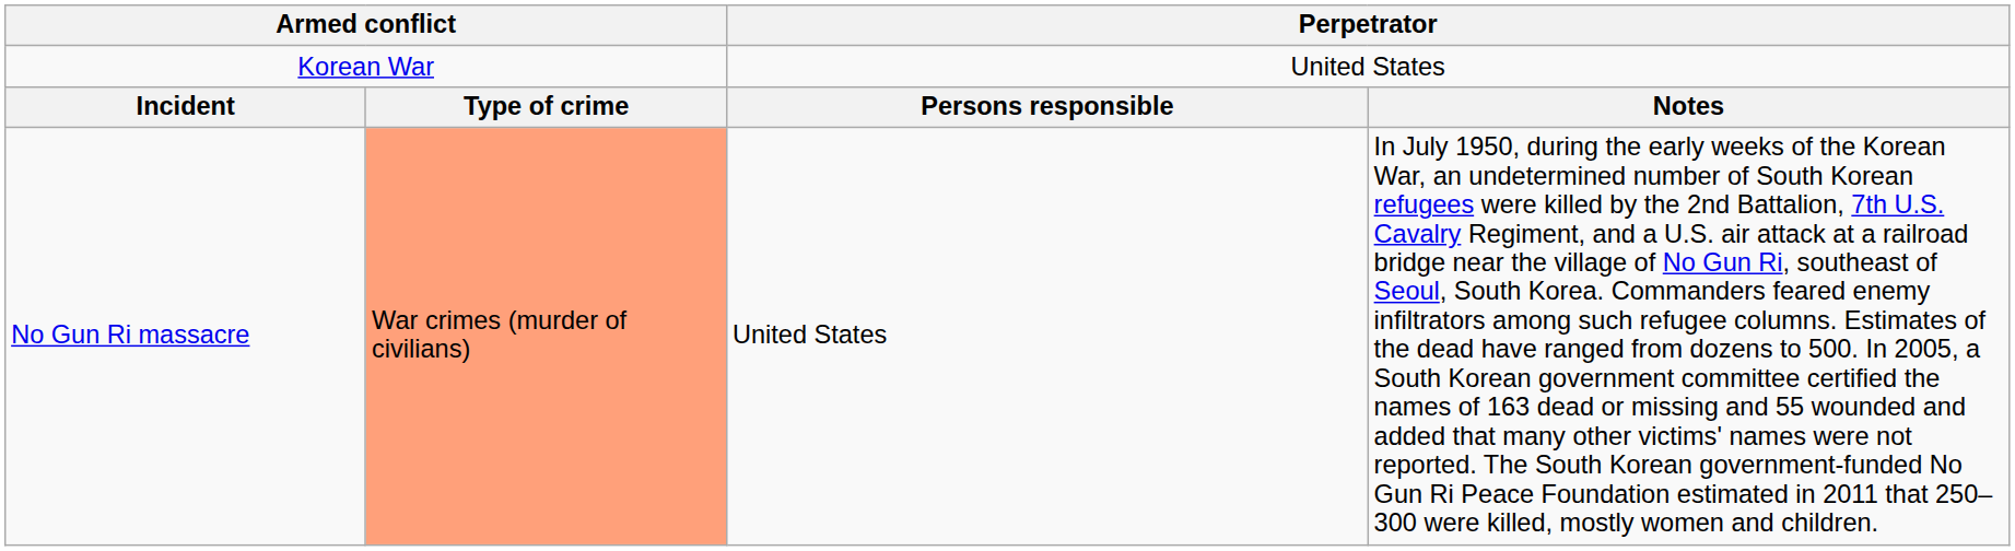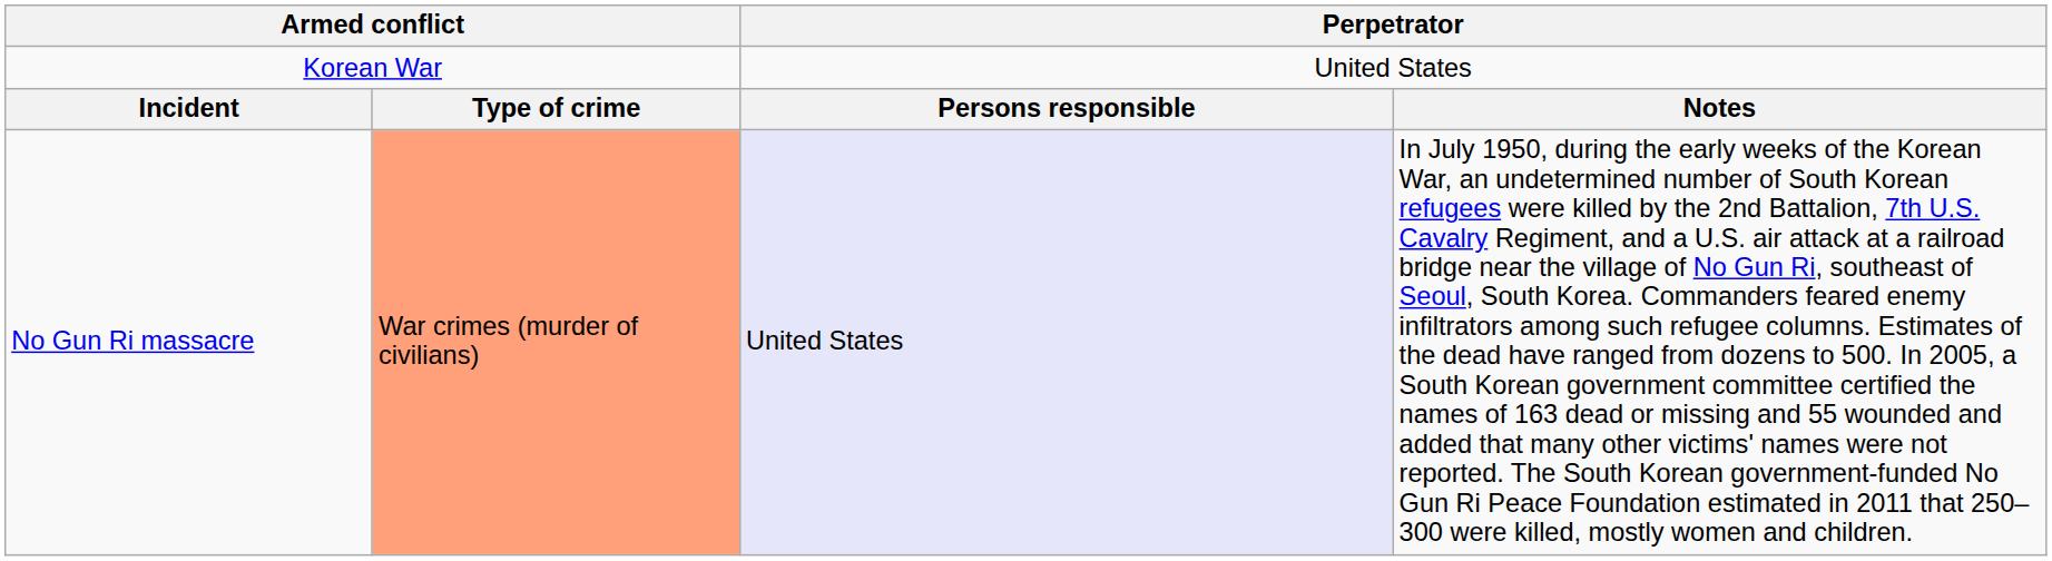 <table class="wikitable">
 <tr>
 <th colspan="2">Armed conflict</th>
 <th colspan="2">Perpetrator</th>
 </tr>
 <tr style="text-align:center;">
 <td colspan="2"><a href='#'>Korean War</a></td>
 <td colspan="2">United States</td>
 </tr>
 <tr>
 <th>Incident</th>
 <th>Type of crime</th>
 <th>Persons responsible</th>
 <th>Notes</th>
 </tr>
 <tr>
 <td style="width:18%;"><a href='#'>No Gun Ri massacre</a></td>
 <td style="background: lightsalmon; width:18%;">War crimes (murder of civilians)</td>
-<td style="width:32%;">United States</td>
+<td style="background: lavender; width:32%;">United States</td>
 <td style="width:32%;">In July 1950, during the early weeks of the Korean War, an undetermined number of South Korean <a href='#'>refugees</a> were killed by the 2nd Battalion, <a href='#'>7th U.S. Cavalry</a> Regiment, and a U.S. air attack at a railroad bridge near the village of <a href='#'>No Gun Ri</a>,  southeast of <a href='#'>Seoul</a>, South Korea. Commanders feared enemy infiltrators among such refugee columns. Estimates of the dead have ranged from dozens to 500. In 2005, a South Korean government committee certified the names of 163 dead or missing and 55 wounded and added that many other victims' names were not reported. The South Korean government-funded No Gun Ri Peace Foundation estimated in 2011 that 250–300 were killed, mostly women and children.</td>
 </tr>
 </table>
